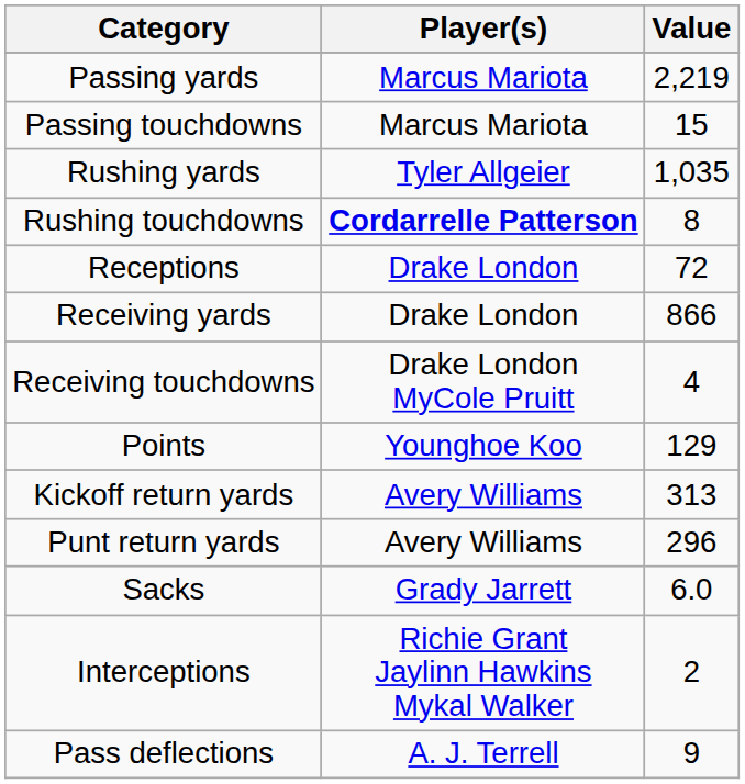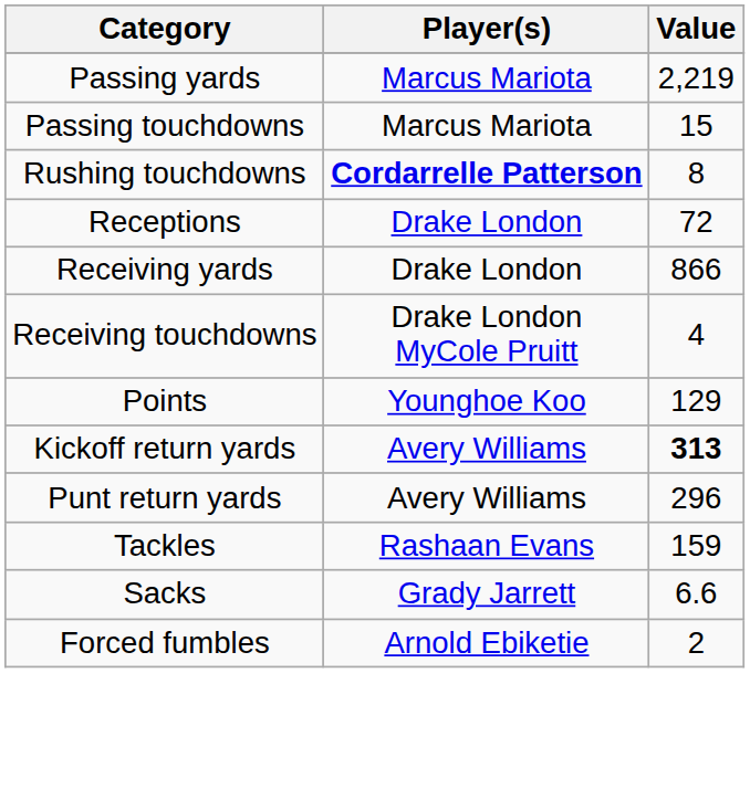 <table class="wikitable" style="text-align:center">
 <tr>
 <th>Category</th>
 <th>Player(s)</th>
 <th>Value</th>
 </tr>
 <tr>
 </tr>
 <tr>
 <td>Passing yards</td>
 <td><a href='#'>Marcus Mariota</a></td>
 <td>2,219</td>
 </tr>
 <tr>
 <td>Passing touchdowns</td>
 <td>Marcus Mariota</td>
 <td>15</td>
-</tr>
-<tr>
-<td>Rushing yards</td>
-<td><a href='#'>Tyler Allgeier</a></td>
-<td>1,035</td>
 </tr>
 <tr>
 <td>Rushing touchdowns</td>
 <td><strong><a href='#'>Cordarrelle Patterson</a></strong></td>
 <td>8</td>
 </tr>
 <tr>
 <td>Receptions</td>
 <td><a href='#'>Drake London</a></td>
 <td>72</td>
 </tr>
 <tr>
 <td>Receiving yards</td>
 <td>Drake London</td>
 <td>866</td>
 </tr>
 <tr>
 <td>Receiving touchdowns</td>
 <td>Drake London<br><a href='#'>MyCole Pruitt</a></td>
 <td>4</td>
 </tr>
 <tr>
 <td>Points</td>
 <td><a href='#'>Younghoe Koo</a></td>
 <td>129</td>
 </tr>
 <tr>
 <td>Kickoff return yards</td>
 <td><a href='#'>Avery Williams</a></td>
-<td>313</td>
+<td><strong>313</strong></td>
 </tr>
 <tr>
 <td>Punt return yards</td>
 <td>Avery Williams</td>
 <td>296</td>
 </tr>
 <tr>
+<td>Tackles</td>
+<td><a href='#'>Rashaan Evans</a></td>
+<td>159</td>
+</tr>
+<tr>
 <td>Sacks</td>
 <td><a href='#'>Grady Jarrett</a></td>
-<td>6.0</td>
+<td>6.6</td>
 </tr>
 <tr>
-<td>Interceptions</td>
-<td><a href='#'>Richie Grant</a><br><a href='#'>Jaylinn Hawkins</a><br><a href='#'>Mykal Walker</a></td>
+<td>Forced fumbles</td>
+<td><a href='#'>Arnold Ebiketie</a></td>
 <td>2</td>
 </tr>
-<tr>
-<td>Pass deflections</td>
-<td><a href='#'>A. J. Terrell</a></td>
-<td>9</td>
-</tr>
 </table>
